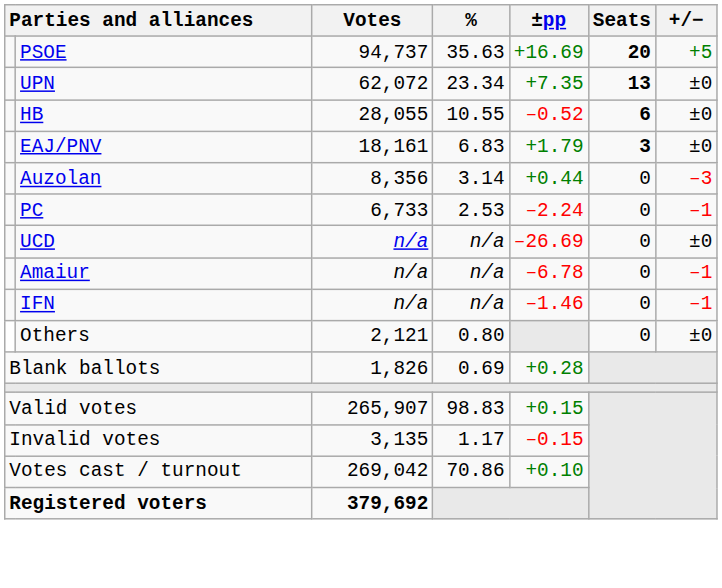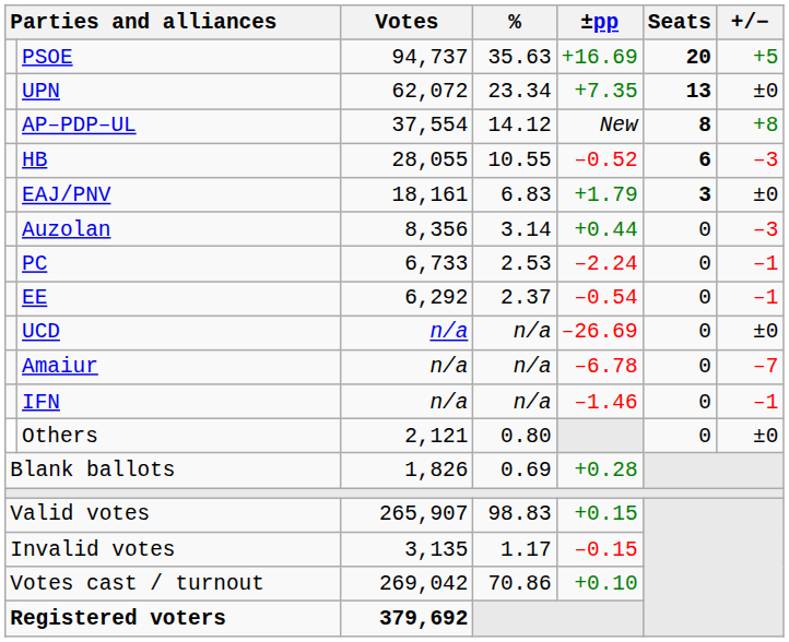 <table class="wikitable" style="text-align:right;">
 <tr>
 <th style="text-align:left;" colspan="2" width="200">Parties and alliances</th>
 <th width="75">Votes</th>
 <th width="45">%</th>
 <th width="45">±<a href='#'>pp</a></th>
 <th width="35">Seats</th>
 <th width="35">+/−</th>
 </tr>
 <tr>
 <td width="1" style="color:inherit;background:"></td>
 <td align="left"><a href='#'>PSOE</a></td>
 <td>94,737</td>
 <td>35.63</td>
 <td style="color:green;">+16.69</td>
 <td><strong>20</strong></td>
 <td style="color:green;">+5</td>
 </tr>
 <tr>
 <td style="color:inherit;background:"></td>
 <td align="left"><a href='#'>UPN</a></td>
 <td>62,072</td>
 <td>23.34</td>
 <td style="color:green;">+7.35</td>
 <td><strong>13</strong></td>
 <td>±0</td>
 </tr>
 <tr>
 <td style="color:inherit;background:"></td>
+<td align="left"><a href='#'>AP–PDP–UL</a></td>
+<td>37,554</td>
+<td>14.12</td>
+<td><em>New</em></td>
+<td><strong>8</strong></td>
+<td style="color:green;">+8</td>
+</tr>
+<tr>
+<td style="color:inherit;background:"></td>
 <td align="left"><a href='#'>HB</a></td>
 <td>28,055</td>
 <td>10.55</td>
 <td style="color:red;">–0.52</td>
 <td><strong>6</strong></td>
-<td>±0</td>
+<td style="color:red;">–3</td>
 </tr>
 <tr>
 <td style="color:inherit;background:"></td>
 <td align="left"><a href='#'>EAJ/PNV</a></td>
 <td>18,161</td>
 <td>6.83</td>
 <td style="color:green;">+1.79</td>
 <td><strong>3</strong></td>
 <td>±0</td>
 </tr>
 <tr>
 <td style="color:inherit;background:"></td>
 <td align="left"><a href='#'>Auzolan</a></td>
 <td>8,356</td>
 <td>3.14</td>
 <td style="color:green;">+0.44</td>
 <td>0</td>
 <td style="color:red;">–3</td>
 </tr>
 <tr>
 <td style="color:inherit;background:"></td>
 <td align="left"><a href='#'>PC</a></td>
 <td>6,733</td>
 <td>2.53</td>
 <td style="color:red;">–2.24</td>
 <td>0</td>
 <td style="color:red;">–1</td>
 </tr>
 <tr>
 <td style="color:inherit;background:"></td>
+<td align="left"><a href='#'>EE</a></td>
+<td>6,292</td>
+<td>2.37</td>
+<td style="color:red;">–0.54</td>
+<td>0</td>
+<td style="color:red;">–1</td>
+</tr>
+<tr>
+<td style="color:inherit;background:"></td>
 <td align="left"><a href='#'>UCD</a></td>
 <td><em><a href='#'>n/a</a></em></td>
 <td><em>n/a</em></td>
 <td style="color:red;">–26.69</td>
 <td>0</td>
 <td>±0</td>
 </tr>
 <tr>
 <td style="color:inherit;background:"></td>
 <td align="left"><a href='#'>Amaiur</a></td>
 <td><em>n/a</em></td>
 <td><em>n/a</em></td>
 <td style="color:red;">–6.78</td>
 <td>0</td>
-<td style="color:red;">–1</td>
+<td style="color:red;">–7</td>
 </tr>
 <tr>
 <td style="color:inherit;background:"></td>
 <td align="left"><a href='#'>IFN</a></td>
 <td><em>n/a</em></td>
 <td><em>n/a</em></td>
 <td style="color:red;">–1.46</td>
 <td>0</td>
 <td style="color:red;">–1</td>
 </tr>
 <tr>
 <td bgcolor="white"></td>
 <td align="left">Others</td>
 <td>2,121</td>
 <td>0.80</td>
 <td bgcolor="#E9E9E9"></td>
 <td>0</td>
 <td>±0</td>
 </tr>
 <tr>
 <td align="left" colspan="2">Blank ballots</td>
 <td>1,826</td>
 <td>0.69</td>
 <td style="color:green;">+0.28</td>
 <td bgcolor="#E9E9E9" colspan="2"></td>
 </tr>
 <tr>
 <td colspan="7" bgcolor="#E9E9E9"></td>
 </tr>
 <tr>
 <td align="left" colspan="2">Valid votes</td>
 <td>265,907</td>
 <td>98.83</td>
 <td style="color:green;">+0.15</td>
 <td bgcolor="#E9E9E9" colspan="2" rowspan="4"></td>
 </tr>
 <tr>
 <td align="left" colspan="2">Invalid votes</td>
 <td>3,135</td>
 <td>1.17</td>
 <td style="color:red;">–0.15</td>
 </tr>
 <tr>
 <td align="left" colspan="2">Votes cast / turnout</td>
 <td>269,042</td>
 <td>70.86</td>
 <td style="color:green;">+0.10</td>
 </tr>
 <tr style="font-weight:bold;">
 <td align="left" colspan="2">Registered voters</td>
 <td>379,692</td>
 <td bgcolor="#E9E9E9" colspan="2"></td>
 </tr>
 </table>
